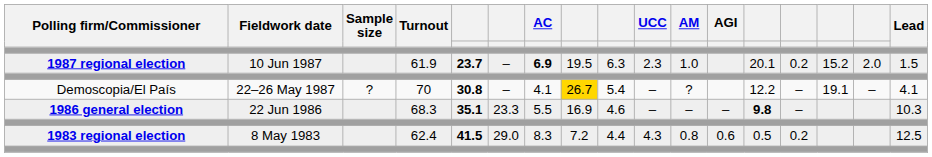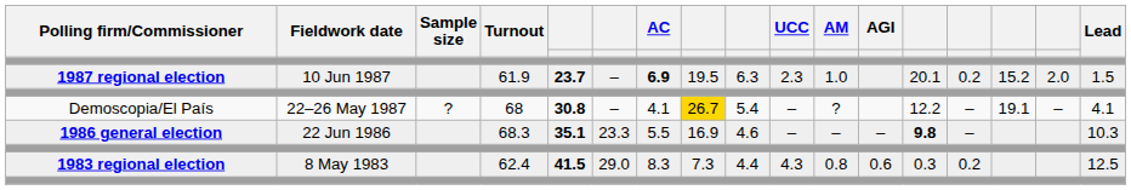 <table class="wikitable collapsible collapsed" style="text-align:center; font-size:95%; line-height:16px;">
 <tr style="height:42px;">
 <th style="width:250px;" rowspan="2">Polling firm/Commissioner</th>
 <th style="width:125px;" rowspan="2">Fieldwork date</th>
 <th style="width:50px;" rowspan="2">Sample size</th>
 <th style="width:45px;" rowspan="2">Turnout</th>
 <th style="width:35px;"></th>
 <th style="width:35px;"></th>
 <th style="width:35px;"><a href='#'>AC</a></th>
 <th style="width:35px;"></th>
 <th style="width:35px;"></th>
 <th style="width:35px;"><a href='#'>UCC</a></th>
 <th style="width:35px;"><a href='#'>AM</a></th>
 <th style="width:35px;">AGI</th>
 <th style="width:35px;"></th>
 <th style="width:35px;"></th>
 <th style="width:35px;"></th>
 <th style="width:35px;"></th>
 <th style="width:30px;" rowspan="2">Lead</th>
 </tr>
 <tr>
 <th style="color:inherit;background:"></th>
 <th style="color:inherit;background:"></th>
 <th style="color:inherit;background:"></th>
 <th style="color:inherit;background:"></th>
 <th style="color:inherit;background:"></th>
 <th style="color:inherit;background:"></th>
 <th style="color:inherit;background:"></th>
 <th style="color:inherit;background:"></th>
 <th style="color:inherit;background:"></th>
 <th style="color:inherit;background:"></th>
 <th style="color:inherit;background:"></th>
 <th style="color:inherit;background:"></th>
 </tr>
 <tr>
 <td colspan="17" style="background:#A0A0A0"></td>
 </tr>
 <tr style="background:#EFEFEF;">
 <td><strong><a href='#'>1987 regional election</a></strong></td>
 <td>10 Jun 1987</td>
 <td></td>
 <td>61.9</td>
 <td><strong>23.7</strong><br></td>
 <td>–</td>
 <td><strong>6.9<br></strong></td>
 <td>19.5<br></td>
 <td>6.3<br></td>
 <td>2.3<br></td>
 <td>1.0<br></td>
 <td></td>
 <td>20.1<br></td>
 <td>0.2<br></td>
 <td>15.2<br></td>
 <td>2.0<br></td>
 <td style="background:">1.5</td>
 </tr>
 <tr>
 <td colspan="17" style="background:#A0A0A0"></td>
 </tr>
 <tr>
 <td>Demoscopia/El País</td>
 <td>22–26 May 1987</td>
 <td>?</td>
-<td>70</td>
+<td>68</td>
 <td><strong>30.8</strong><br></td>
 <td>–</td>
 <td>4.1<br></td>
 <td style="background: gold;">26.7<br></td>
 <td>5.4<br></td>
 <td>–</td>
 <td>?<br></td>
 <td></td>
 <td>12.2<br></td>
 <td>–</td>
 <td>19.1<br></td>
 <td>–</td>
 <td style="background:">4.1</td>
 </tr>
 <tr style="background:#EFEFEF;">
 <td><strong><a href='#'>1986 general election</a></strong></td>
 <td>22 Jun 1986</td>
 <td></td>
 <td>68.3</td>
 <td><strong>35.1</strong></td>
 <td>23.3</td>
 <td>5.5</td>
 <td>16.9</td>
 <td>4.6</td>
 <td>–</td>
 <td>–</td>
 <td>–</td>
 <td><strong>9.8</strong></td>
 <td>–</td>
 <td></td>
 <td></td>
 <td style="background:">10.3</td>
 </tr>
 <tr>
 <td colspan="17" style="background:#A0A0A0"></td>
 </tr>
 <tr style="background:#EFEFEF;">
 <td><strong><a href='#'>1983 regional election</a></strong></td>
 <td>8 May 1983</td>
 <td></td>
 <td>62.4</td>
 <td><strong>41.5</strong><br></td>
 <td>29.0<br></td>
 <td>8.3<br></td>
-<td>7.2<br></td>
+<td>7.3<br></td>
 <td>4.4<br></td>
 <td>4.3<br></td>
 <td>0.8<br></td>
 <td>0.6<br></td>
-<td>0.5<br></td>
+<td>0.3<br></td>
 <td>0.2<br></td>
 <td></td>
 <td></td>
 <td style="background:">12.5</td>
 </tr>
 <tr>
 <td colspan="17" style="background:#A0A0A0"></td>
 </tr>
 </table>
